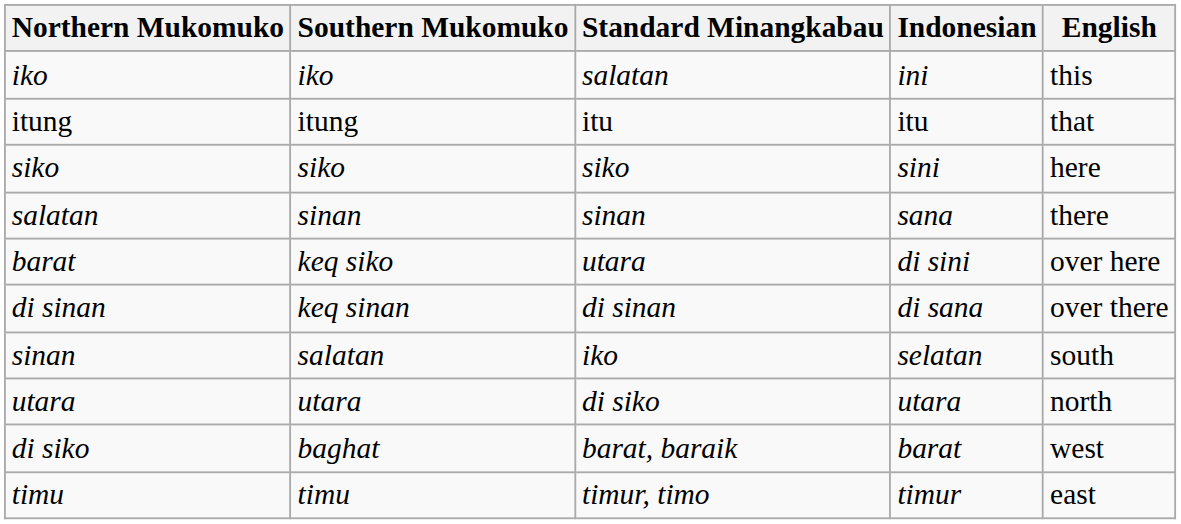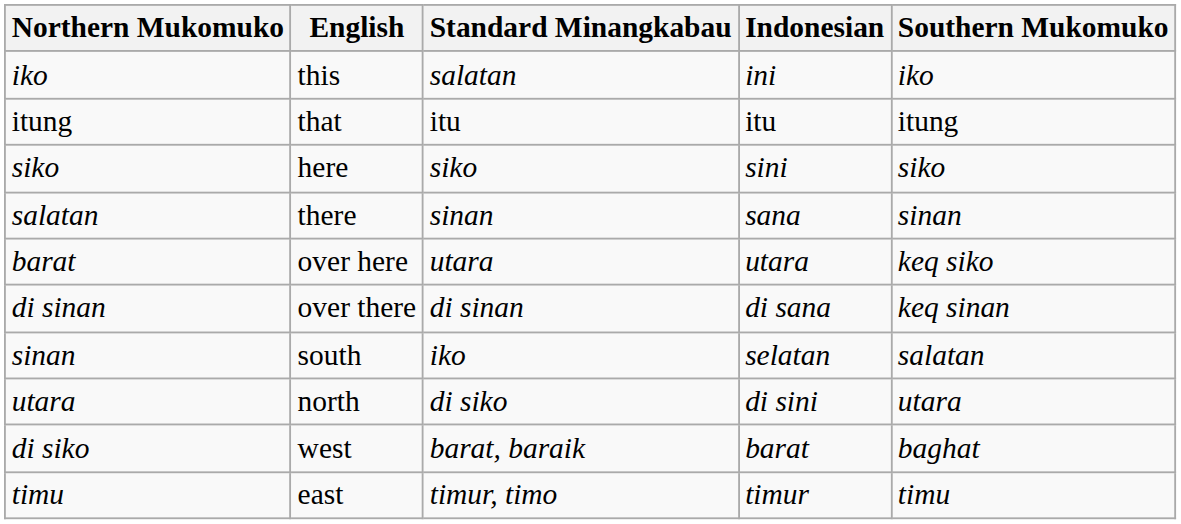 <table class="wikitable">
 <tr>
 <th>Northern Mukomuko</th>
-<th>Southern Mukomuko</th>
+<th>English</th>
 <th>Standard Minangkabau</th>
 <th>Indonesian</th>
-<th>English</th>
+<th>Southern Mukomuko</th>
 </tr>
 <tr>
 <td><em>iko</em></td>
-<td><em>iko</em></td>
+<td>this</td>
 <td><em>salatan</em></td>
 <td><em>ini</em></td>
-<td>this</td>
+<td><em>iko</em></td>
 </tr>
 <tr>
 <td>itung</td>
-<td>itung</td>
+<td>that</td>
 <td>itu</td>
 <td>itu</td>
-<td>that</td>
+<td>itung</td>
 </tr>
 <tr>
 <td><em>siko</em></td>
-<td><em>siko</em></td>
+<td>here</td>
 <td><em>siko</em></td>
 <td><em>sini</em></td>
-<td>here</td>
+<td><em>siko</em></td>
 </tr>
 <tr>
 <td><em>salatan</em></td>
-<td><em>sinan</em></td>
+<td>there</td>
 <td><em>sinan</em></td>
 <td><em>sana</em></td>
-<td>there</td>
+<td><em>sinan</em></td>
 </tr>
 <tr>
 <td><em>barat</em></td>
+<td>over here</td>
+<td><em>utara</em></td>
+<td><em>utara</em></td>
 <td><em>keq siko</em></td>
-<td><em>utara</em></td>
-<td><em>di sini</em></td>
-<td>over here</td>
 </tr>
 <tr>
 <td><em>di sinan</em></td>
-<td><em>keq sinan</em></td>
+<td>over there</td>
 <td><em>di sinan</em></td>
 <td><em>di sana</em></td>
-<td>over there</td>
+<td><em>keq sinan</em></td>
 </tr>
 <tr>
 <td><em>sinan</em></td>
-<td><em>salatan</em></td>
+<td>south</td>
 <td><em>iko</em></td>
 <td><em>selatan</em></td>
-<td>south</td>
+<td><em>salatan</em></td>
 </tr>
 <tr>
 <td><em>utara</em></td>
+<td>north</td>
+<td><em>di siko</em></td>
+<td><em>di sini</em></td>
 <td><em>utara</em></td>
-<td><em>di siko</em></td>
-<td><em>utara</em></td>
-<td>north</td>
 </tr>
 <tr>
 <td><em>di siko</em></td>
-<td><em>baghat</em></td>
+<td>west</td>
 <td><em>barat, baraik</em></td>
 <td><em>barat</em></td>
-<td>west</td>
+<td><em>baghat</em></td>
 </tr>
 <tr>
 <td><em>timu</em></td>
-<td><em>timu</em></td>
+<td>east</td>
 <td><em>timur, timo</em></td>
 <td><em>timur</em></td>
-<td>east</td>
+<td><em>timu</em></td>
 </tr>
 </table>
